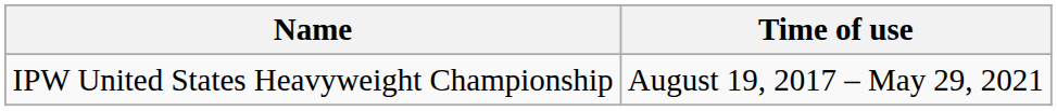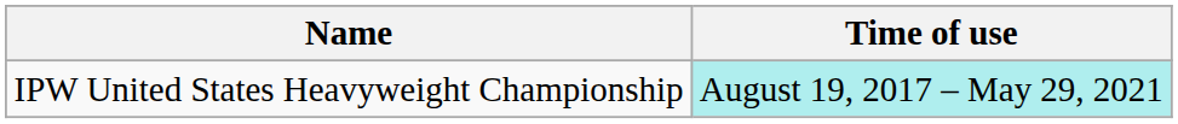 <table class="wikitable" border="1">
 <tr>
 <th>Name</th>
 <th>Time of use</th>
 </tr>
 <tr>
 <td>IPW United States Heavyweight Championship</td>
-<td>August 19, 2017 – May 29, 2021</td>
+<td style="background: paleturquoise;">August 19, 2017 – May 29, 2021</td>
 </tr>
 </table>
